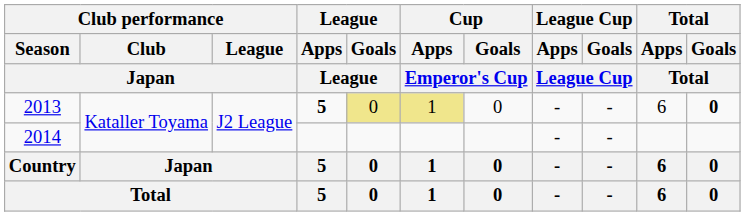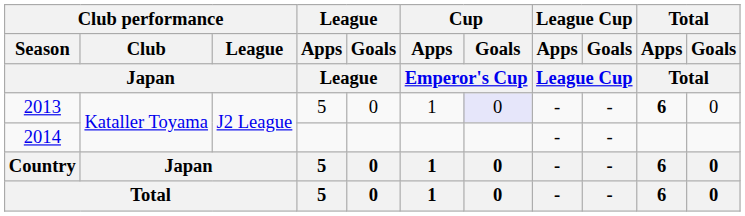 <table class="wikitable" style="text-align:center">
 <tr>
 <th colspan=3>Club performance</th>
 <th colspan=2>League</th>
 <th colspan=2>Cup</th>
 <th colspan=2>League Cup</th>
 <th colspan=2>Total</th>
 </tr>
 <tr>
 <th>Season</th>
 <th>Club</th>
 <th>League</th>
 <th>Apps</th>
 <th>Goals</th>
 <th>Apps</th>
 <th>Goals</th>
 <th>Apps</th>
 <th>Goals</th>
 <th>Apps</th>
 <th>Goals</th>
 </tr>
 <tr>
 <th colspan=3>Japan</th>
 <th colspan=2>League</th>
 <th colspan=2><a href='#'>Emperor's Cup</a></th>
 <th colspan=2><a href='#'>League Cup</a></th>
 <th colspan=2>Total</th>
 </tr>
 <tr>
 <td><a href='#'>2013</a></td>
 <td rowspan="2"><a href='#'>Kataller Toyama</a></td>
 <td rowspan=2><a href='#'>J2 League</a></td>
-<td><strong>5</strong></td>
-<td style="background: khaki;">0</td>
-<td style="background: khaki;">1</td>
+<td>5</td>
 <td>0</td>
+<td>1</td>
+<td style="background: lavender;">0</td>
 <td>-</td>
 <td>-</td>
-<td>6</td>
-<td><strong>0</strong></td>
+<td><strong>6</strong></td>
+<td>0</td>
 </tr>
 <tr>
 <td><a href='#'>2014</a></td>
 <td></td>
 <td></td>
 <td></td>
 <td></td>
 <td>-</td>
 <td>-</td>
 <td></td>
 <td></td>
 </tr>
 <tr>
 <th rowspan=1>Country</th>
 <th colspan=2>Japan</th>
 <th>5</th>
 <th>0</th>
 <th>1</th>
 <th>0</th>
 <th>-</th>
 <th>-</th>
 <th>6</th>
 <th>0</th>
 </tr>
 <tr>
 <th colspan=3>Total</th>
 <th>5</th>
 <th>0</th>
 <th>1</th>
 <th>0</th>
 <th>-</th>
 <th>-</th>
 <th>6</th>
 <th>0</th>
 </tr>
 </table>
